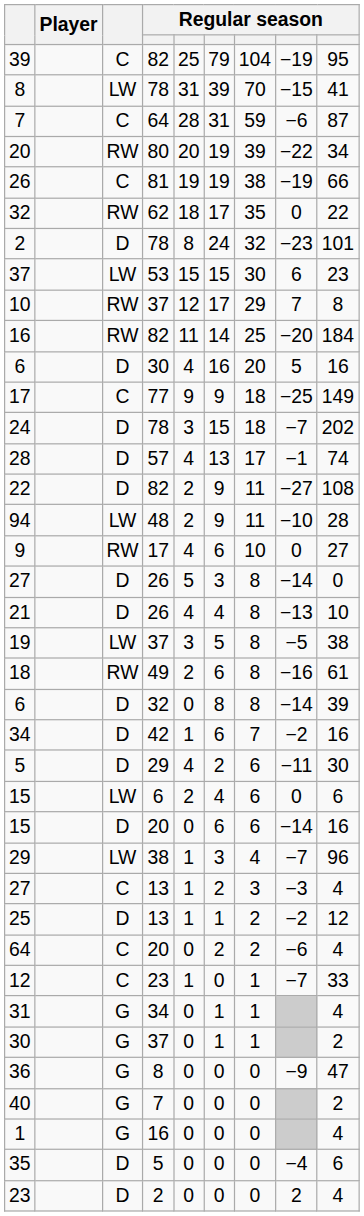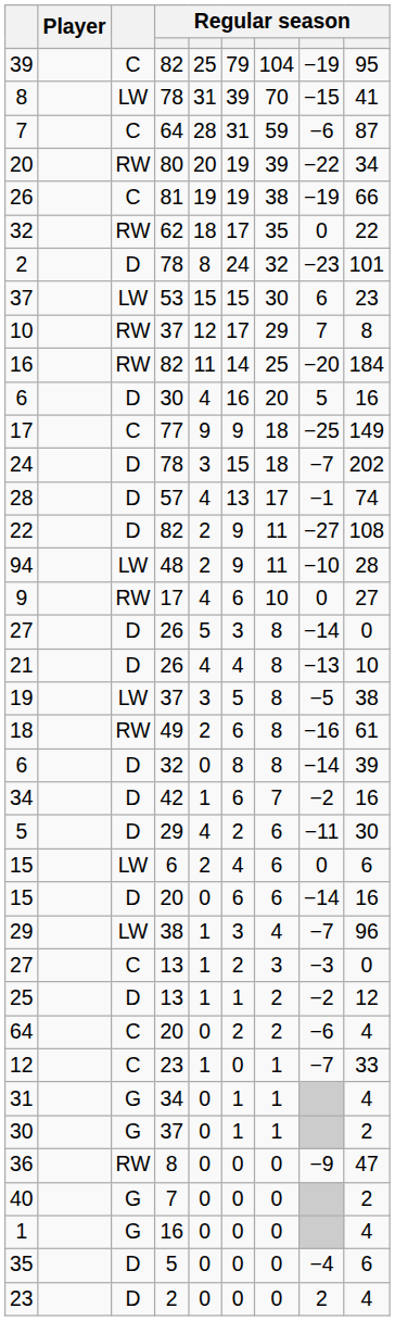 <table class="wikitable sortable plainrowheaders" style="text-align:center;">
 <tr>
 <th scope="col" data-sort-type="number" rowspan="2"></th>
 <th scope="col" rowspan="2">Player</th>
 <th scope="col" rowspan="2"></th>
 <th scope=colgroup colspan=6>Regular season</th>
 </tr>
 <tr>
 <th scope="col" data-sort-type="number"></th>
 <th scope="col" data-sort-type="number"></th>
 <th scope="col" data-sort-type="number"></th>
 <th scope="col" data-sort-type="number"></th>
 <th scope="col" data-sort-type="number"></th>
 <th scope="col" data-sort-type="number"></th>
 </tr>
 <tr>
 <td scope="row">39</td>
 <td align="left"></td>
 <td>C</td>
 <td>82</td>
 <td>25</td>
 <td>79</td>
 <td>104</td>
 <td>−19</td>
 <td>95</td>
 </tr>
 <tr>
 <td scope="row">8</td>
 <td align="left"></td>
 <td>LW</td>
 <td>78</td>
 <td>31</td>
 <td>39</td>
 <td>70</td>
 <td>−15</td>
 <td>41</td>
 </tr>
 <tr>
 <td scope="row">7</td>
 <td align="left"></td>
 <td>C</td>
 <td>64</td>
 <td>28</td>
 <td>31</td>
 <td>59</td>
 <td>−6</td>
 <td>87</td>
 </tr>
 <tr>
 <td scope="row">20</td>
 <td align="left"></td>
 <td>RW</td>
 <td>80</td>
 <td>20</td>
 <td>19</td>
 <td>39</td>
 <td>−22</td>
 <td>34</td>
 </tr>
 <tr>
 <td scope="row">26</td>
 <td align="left"></td>
 <td>C</td>
 <td>81</td>
 <td>19</td>
 <td>19</td>
 <td>38</td>
 <td>−19</td>
 <td>66</td>
 </tr>
 <tr>
 <td scope="row">32</td>
 <td align="left"></td>
 <td>RW</td>
 <td>62</td>
 <td>18</td>
 <td>17</td>
 <td>35</td>
 <td>0</td>
 <td>22</td>
 </tr>
 <tr>
 <td scope="row">2</td>
 <td align="left"></td>
 <td>D</td>
 <td>78</td>
 <td>8</td>
 <td>24</td>
 <td>32</td>
 <td>−23</td>
 <td>101</td>
 </tr>
 <tr>
 <td scope="row">37</td>
 <td align="left"></td>
 <td>LW</td>
 <td>53</td>
 <td>15</td>
 <td>15</td>
 <td>30</td>
 <td>6</td>
 <td>23</td>
 </tr>
 <tr>
 <td scope="row">10</td>
 <td align="left"></td>
 <td>RW</td>
 <td>37</td>
 <td>12</td>
 <td>17</td>
 <td>29</td>
 <td>7</td>
 <td>8</td>
 </tr>
 <tr>
 <td scope="row">16</td>
 <td align="left"></td>
 <td>RW</td>
 <td>82</td>
 <td>11</td>
 <td>14</td>
 <td>25</td>
 <td>−20</td>
 <td>184</td>
 </tr>
 <tr>
 <td scope="row">6</td>
 <td align="left"></td>
 <td>D</td>
 <td>30</td>
 <td>4</td>
 <td>16</td>
 <td>20</td>
 <td>5</td>
 <td>16</td>
 </tr>
 <tr>
 <td scope="row">17</td>
 <td align="left"></td>
 <td>C</td>
 <td>77</td>
 <td>9</td>
 <td>9</td>
 <td>18</td>
 <td>−25</td>
 <td>149</td>
 </tr>
 <tr>
 <td scope="row">24</td>
 <td align="left"></td>
 <td>D</td>
 <td>78</td>
 <td>3</td>
 <td>15</td>
 <td>18</td>
 <td>−7</td>
 <td>202</td>
 </tr>
 <tr>
 <td scope="row">28</td>
 <td align="left"></td>
 <td>D</td>
 <td>57</td>
 <td>4</td>
 <td>13</td>
 <td>17</td>
 <td>−1</td>
 <td>74</td>
 </tr>
 <tr>
 <td scope="row">22</td>
 <td align="left"></td>
 <td>D</td>
 <td>82</td>
 <td>2</td>
 <td>9</td>
 <td>11</td>
 <td>−27</td>
 <td>108</td>
 </tr>
 <tr>
 <td scope="row">94</td>
 <td align="left"></td>
 <td>LW</td>
 <td>48</td>
 <td>2</td>
 <td>9</td>
 <td>11</td>
 <td>−10</td>
 <td>28</td>
 </tr>
 <tr>
 <td scope="row">9</td>
 <td align="left"></td>
 <td>RW</td>
 <td>17</td>
 <td>4</td>
 <td>6</td>
 <td>10</td>
 <td>0</td>
 <td>27</td>
 </tr>
 <tr>
 <td scope="row">27</td>
 <td align="left"></td>
 <td>D</td>
 <td>26</td>
 <td>5</td>
 <td>3</td>
 <td>8</td>
 <td>−14</td>
 <td>0</td>
 </tr>
 <tr>
 <td scope="row">21</td>
 <td align="left"></td>
 <td>D</td>
 <td>26</td>
 <td>4</td>
 <td>4</td>
 <td>8</td>
 <td>−13</td>
 <td>10</td>
 </tr>
 <tr>
 <td scope="row">19</td>
 <td align="left"></td>
 <td>LW</td>
 <td>37</td>
 <td>3</td>
 <td>5</td>
 <td>8</td>
 <td>−5</td>
 <td>38</td>
 </tr>
 <tr>
 <td scope="row">18</td>
 <td align="left"></td>
 <td>RW</td>
 <td>49</td>
 <td>2</td>
 <td>6</td>
 <td>8</td>
 <td>−16</td>
 <td>61</td>
 </tr>
 <tr>
 <td scope="row">6</td>
 <td align="left"></td>
 <td>D</td>
 <td>32</td>
 <td>0</td>
 <td>8</td>
 <td>8</td>
 <td>−14</td>
 <td>39</td>
 </tr>
 <tr>
 <td scope="row">34</td>
 <td align="left"></td>
 <td>D</td>
 <td>42</td>
 <td>1</td>
 <td>6</td>
 <td>7</td>
 <td>−2</td>
 <td>16</td>
 </tr>
 <tr>
 <td scope="row">5</td>
 <td align="left"></td>
 <td>D</td>
 <td>29</td>
 <td>4</td>
 <td>2</td>
 <td>6</td>
 <td>−11</td>
 <td>30</td>
 </tr>
 <tr>
 <td scope="row">15</td>
 <td align="left"></td>
 <td>LW</td>
 <td>6</td>
 <td>2</td>
 <td>4</td>
 <td>6</td>
 <td>0</td>
 <td>6</td>
 </tr>
 <tr>
 <td scope="row">15</td>
 <td align="left"></td>
 <td>D</td>
 <td>20</td>
 <td>0</td>
 <td>6</td>
 <td>6</td>
 <td>−14</td>
 <td>16</td>
 </tr>
 <tr>
 <td scope="row">29</td>
 <td align="left"></td>
 <td>LW</td>
 <td>38</td>
 <td>1</td>
 <td>3</td>
 <td>4</td>
 <td>−7</td>
 <td>96</td>
 </tr>
 <tr>
 <td scope="row">27</td>
 <td align="left"></td>
 <td>C</td>
 <td>13</td>
 <td>1</td>
 <td>2</td>
 <td>3</td>
 <td>−3</td>
-<td>4</td>
+<td>0</td>
 </tr>
 <tr>
 <td scope="row">25</td>
 <td align="left"></td>
 <td>D</td>
 <td>13</td>
 <td>1</td>
 <td>1</td>
 <td>2</td>
 <td>−2</td>
 <td>12</td>
 </tr>
 <tr>
 <td scope="row">64</td>
 <td align="left"></td>
 <td>C</td>
 <td>20</td>
 <td>0</td>
 <td>2</td>
 <td>2</td>
 <td>−6</td>
 <td>4</td>
 </tr>
 <tr>
 <td scope="row">12</td>
 <td align="left"></td>
 <td>C</td>
 <td>23</td>
 <td>1</td>
 <td>0</td>
 <td>1</td>
 <td>−7</td>
 <td>33</td>
 </tr>
 <tr>
 <td scope="row">31</td>
 <td align="left"></td>
 <td>G</td>
 <td>34</td>
 <td>0</td>
 <td>1</td>
 <td>1</td>
 <td style="background:#ccc"></td>
 <td>4</td>
 </tr>
 <tr>
 <td scope="row">30</td>
 <td align="left"></td>
 <td>G</td>
 <td>37</td>
 <td>0</td>
 <td>1</td>
 <td>1</td>
 <td style="background:#ccc"></td>
 <td>2</td>
 </tr>
 <tr>
 <td scope="row">36</td>
 <td align="left"></td>
-<td>G</td>
+<td>RW</td>
 <td>8</td>
 <td>0</td>
 <td>0</td>
 <td>0</td>
 <td>−9</td>
 <td>47</td>
 </tr>
 <tr>
 <td scope="row">40</td>
 <td align="left"></td>
 <td>G</td>
 <td>7</td>
 <td>0</td>
 <td>0</td>
 <td>0</td>
 <td style="background:#ccc"></td>
 <td>2</td>
 </tr>
 <tr>
 <td scope="row">1</td>
 <td align="left"></td>
 <td>G</td>
 <td>16</td>
 <td>0</td>
 <td>0</td>
 <td>0</td>
 <td style="background:#ccc"></td>
 <td>4</td>
 </tr>
 <tr>
 <td scope="row">35</td>
 <td align="left"></td>
 <td>D</td>
 <td>5</td>
 <td>0</td>
 <td>0</td>
 <td>0</td>
 <td>−4</td>
 <td>6</td>
 </tr>
 <tr>
 <td scope="row">23</td>
 <td align="left"></td>
 <td>D</td>
 <td>2</td>
 <td>0</td>
 <td>0</td>
 <td>0</td>
 <td>2</td>
 <td>4</td>
 </tr>
 </table>
